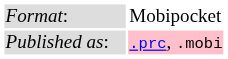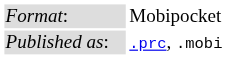 <table style="text-align:left;">
 <tr>
 <td style="background:#ddd; width:100px;"><em>Format</em>:</td>
 <td>Mobipocket</td>
 </tr>
 <tr>
 <td style="background:#ddd;"><em>Published as</em>:</td>
-<td style="background: pink;"><code><a href='#'>.prc</a></code>, <code>.mobi</code></td>
+<td><code><a href='#'>.prc</a></code>, <code>.mobi</code></td>
 </tr>
 </table>
